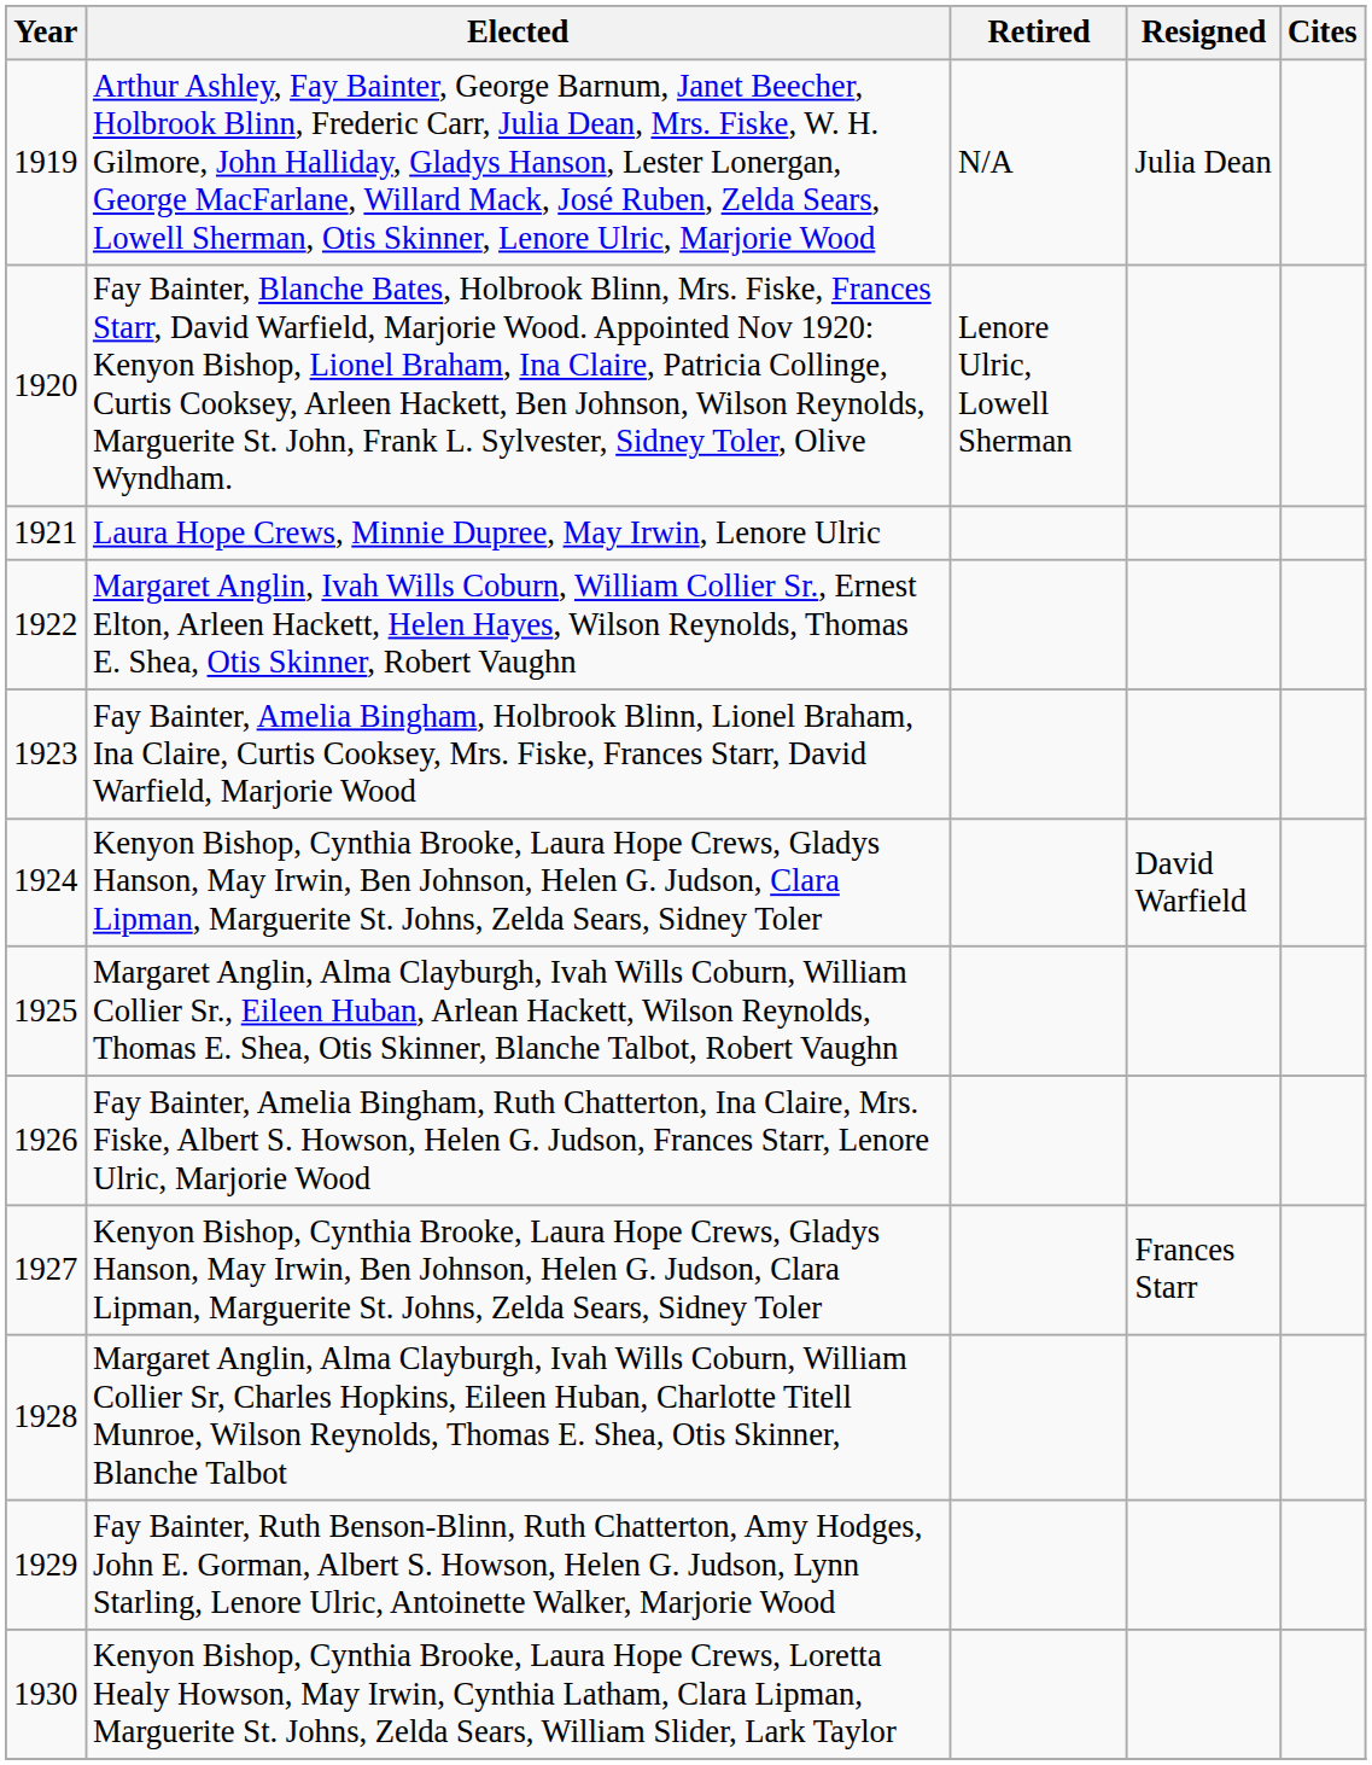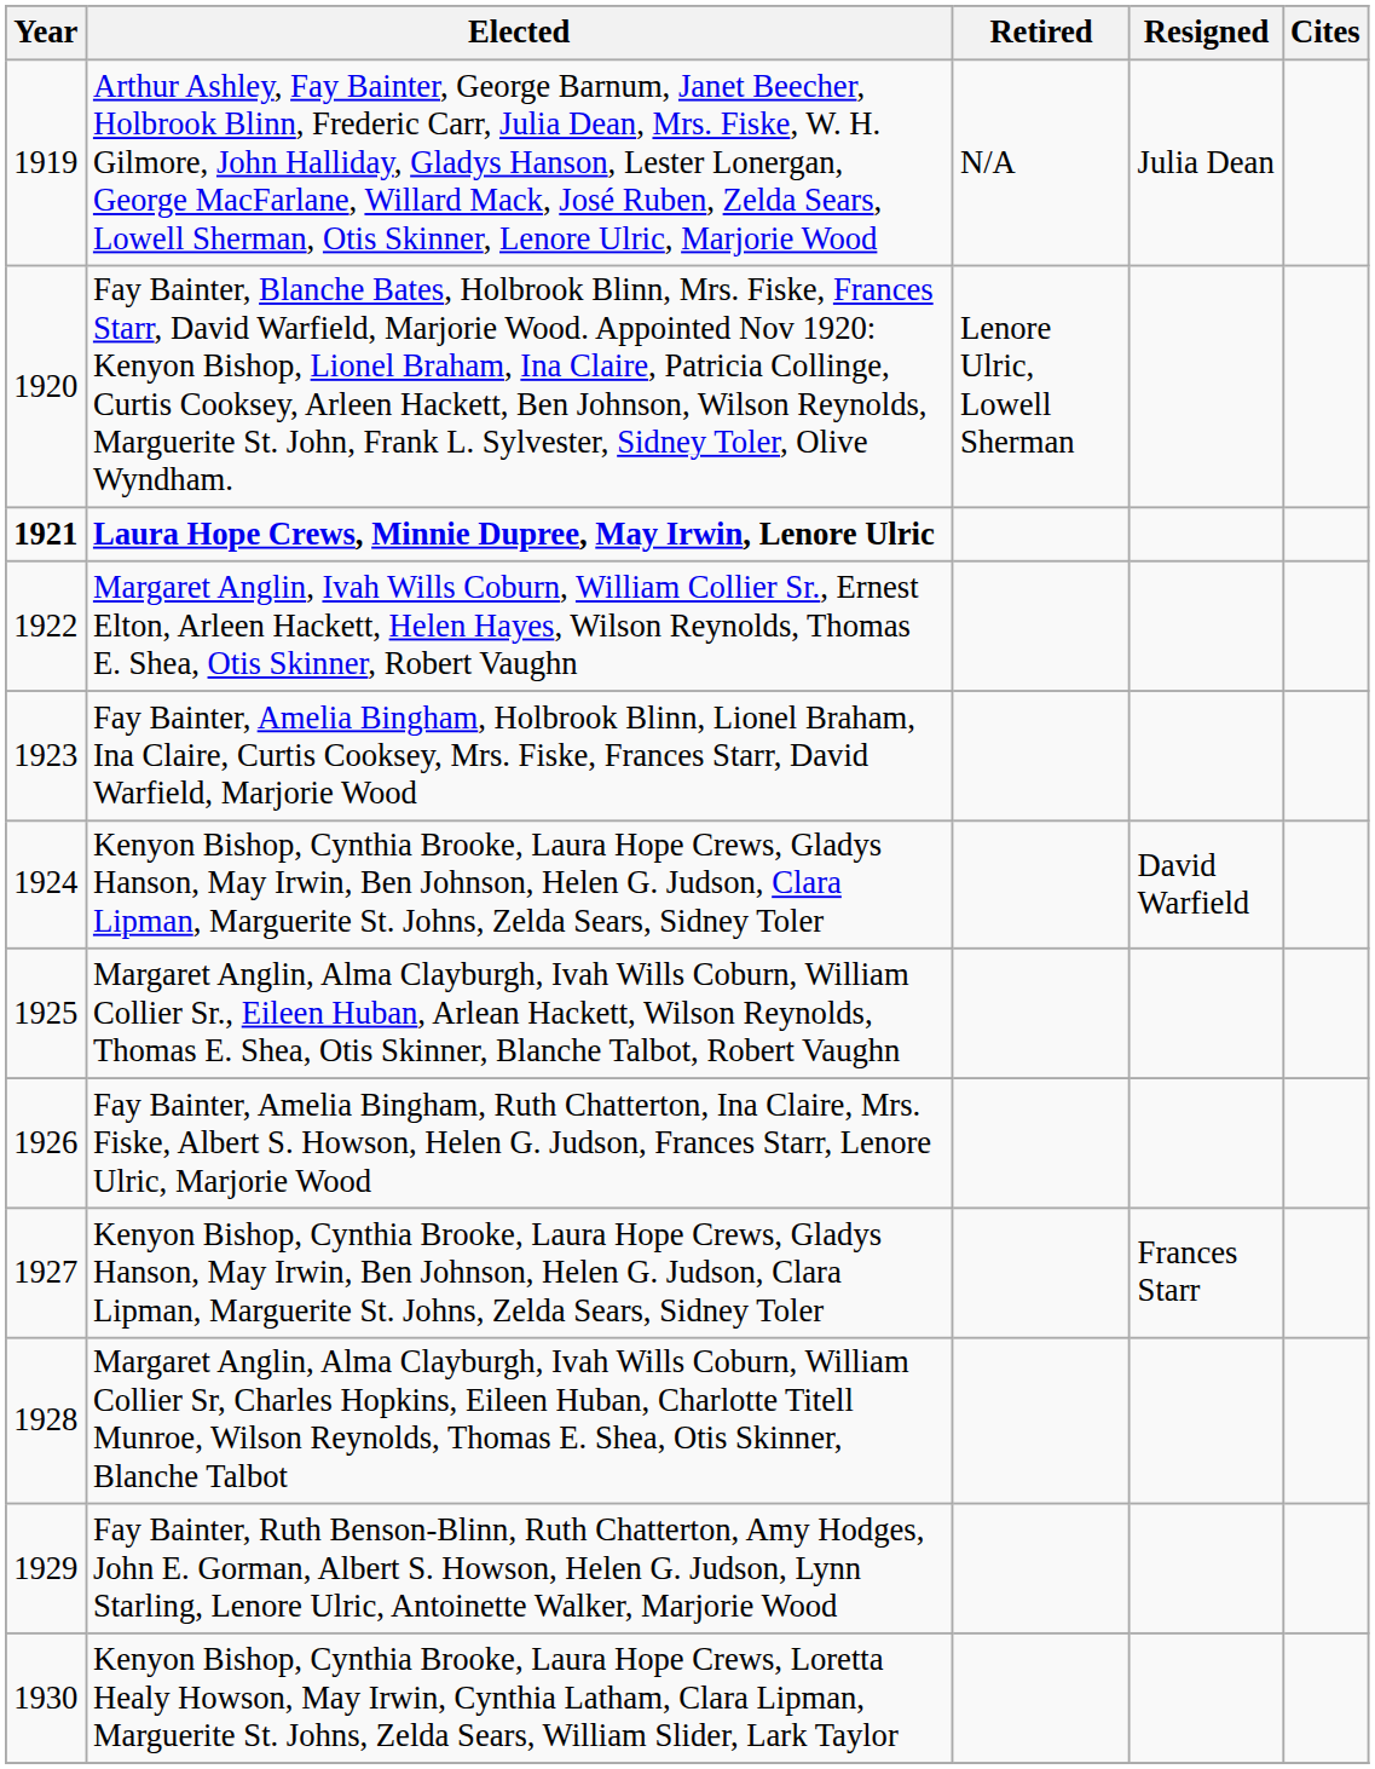 <table class="wikitable sortable plainrowheaders" style="font-size: 90%">
 <tr>
 <th scope="col">Year</th>
 <th scope="col">Elected</th>
 <th scope="col">Retired</th>
 <th scope="col">Resigned</th>
 <th scope="col">Cites</th>
 </tr>
 <tr>
 <td>1919</td>
 <td><a href='#'>Arthur Ashley</a>, <a href='#'>Fay Bainter</a>, George Barnum, <a href='#'>Janet Beecher</a>, <a href='#'>Holbrook Blinn</a>, Frederic Carr, <a href='#'>Julia Dean</a>, <a href='#'>Mrs. Fiske</a>, W. H. Gilmore, <a href='#'>John Halliday</a>, <a href='#'>Gladys Hanson</a>, Lester Lonergan, <a href='#'>George MacFarlane</a>, <a href='#'>Willard Mack</a>, <a href='#'>José Ruben</a>, <a href='#'>Zelda Sears</a>, <a href='#'>Lowell Sherman</a>, <a href='#'>Otis Skinner</a>, <a href='#'>Lenore Ulric</a>, <a href='#'>Marjorie Wood</a></td>
 <td>N/A</td>
 <td>Julia Dean</td>
 <td></td>
 </tr>
 <tr>
 <td>1920</td>
 <td>Fay Bainter, <a href='#'>Blanche Bates</a>, Holbrook Blinn, Mrs. Fiske, <a href='#'>Frances Starr</a>, David Warfield, Marjorie Wood. Appointed Nov 1920: Kenyon Bishop, <a href='#'>Lionel Braham</a>, <a href='#'>Ina Claire</a>, Patricia Collinge, Curtis Cooksey, Arleen Hackett, Ben Johnson, Wilson Reynolds, Marguerite St. John, Frank L. Sylvester, <a href='#'>Sidney Toler</a>, Olive Wyndham.</td>
 <td>Lenore Ulric, Lowell Sherman</td>
 <td></td>
 <td></td>
 </tr>
 <tr>
-<td>1921</td>
-<td><a href='#'>Laura Hope Crews</a>, <a href='#'>Minnie Dupree</a>, <a href='#'>May Irwin</a>, Lenore Ulric</td>
+<td><strong>1921</strong></td>
+<td><strong><a href='#'>Laura Hope Crews</a>, <a href='#'>Minnie Dupree</a>, <a href='#'>May Irwin</a>, Lenore Ulric</strong></td>
 <td></td>
 <td></td>
 <td></td>
 </tr>
 <tr>
 <td>1922</td>
 <td><a href='#'>Margaret Anglin</a>, <a href='#'>Ivah Wills Coburn</a>, <a href='#'>William Collier Sr.</a>, Ernest Elton, Arleen Hackett, <a href='#'>Helen Hayes</a>, Wilson Reynolds, Thomas E. Shea, <a href='#'>Otis Skinner</a>, Robert Vaughn</td>
 <td></td>
 <td></td>
 <td></td>
 </tr>
 <tr>
 <td>1923</td>
 <td>Fay Bainter, <a href='#'>Amelia Bingham</a>, Holbrook Blinn, Lionel Braham, Ina Claire, Curtis Cooksey, Mrs. Fiske, Frances Starr, David Warfield, Marjorie Wood</td>
 <td></td>
 <td></td>
 <td></td>
 </tr>
 <tr>
 <td>1924</td>
 <td>Kenyon Bishop, Cynthia Brooke, Laura Hope Crews, Gladys Hanson, May Irwin, Ben Johnson, Helen G. Judson, <a href='#'>Clara Lipman</a>, Marguerite St. Johns, Zelda Sears, Sidney Toler</td>
 <td></td>
 <td>David Warfield</td>
 <td></td>
 </tr>
 <tr>
 <td>1925</td>
 <td>Margaret Anglin, Alma Clayburgh, Ivah Wills Coburn, William Collier Sr., <a href='#'>Eileen Huban</a>, Arlean Hackett, Wilson Reynolds, Thomas E. Shea, Otis Skinner, Blanche Talbot, Robert Vaughn</td>
 <td></td>
 <td></td>
 <td></td>
 </tr>
 <tr>
 <td>1926</td>
 <td>Fay Bainter, Amelia Bingham, Ruth Chatterton, Ina Claire, Mrs. Fiske, Albert S. Howson, Helen G. Judson, Frances Starr, Lenore Ulric, Marjorie Wood</td>
 <td></td>
 <td></td>
 <td></td>
 </tr>
 <tr>
 <td>1927</td>
 <td>Kenyon Bishop, Cynthia Brooke, Laura Hope Crews, Gladys Hanson, May Irwin, Ben Johnson, Helen G. Judson, Clara Lipman, Marguerite St. Johns, Zelda Sears, Sidney Toler</td>
 <td></td>
 <td>Frances Starr</td>
 <td></td>
 </tr>
 <tr>
 <td>1928</td>
 <td>Margaret Anglin, Alma Clayburgh, Ivah Wills Coburn, William Collier Sr, Charles Hopkins, Eileen Huban, Charlotte Titell Munroe, Wilson Reynolds, Thomas E. Shea, Otis Skinner, Blanche Talbot</td>
 <td></td>
 <td></td>
 <td></td>
 </tr>
 <tr>
 <td>1929</td>
 <td>Fay Bainter, Ruth Benson-Blinn, Ruth Chatterton, Amy Hodges, John E. Gorman, Albert S. Howson, Helen G. Judson, Lynn Starling, Lenore Ulric, Antoinette Walker, Marjorie Wood</td>
 <td></td>
 <td></td>
 <td></td>
 </tr>
 <tr>
 <td>1930</td>
 <td>Kenyon Bishop, Cynthia Brooke, Laura Hope Crews, Loretta Healy Howson, May Irwin, Cynthia Latham, Clara Lipman, Marguerite St. Johns, Zelda Sears, William Slider, Lark Taylor</td>
 <td></td>
 <td></td>
 <td></td>
 </tr>
 <tr>
 </tr>
 </table>
